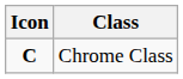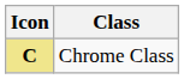 <table class="wikitable" style="font-size: 85%">
 <tr>
 <th>Icon</th>
 <th>Class</th>
 </tr>
 <tr>
-<td align=center><strong><span>C</span></strong></td>
+<td align=center style="background: khaki;"><strong><span>C</span></strong></td>
 <td>Chrome Class</td>
 </tr>
 </table>
